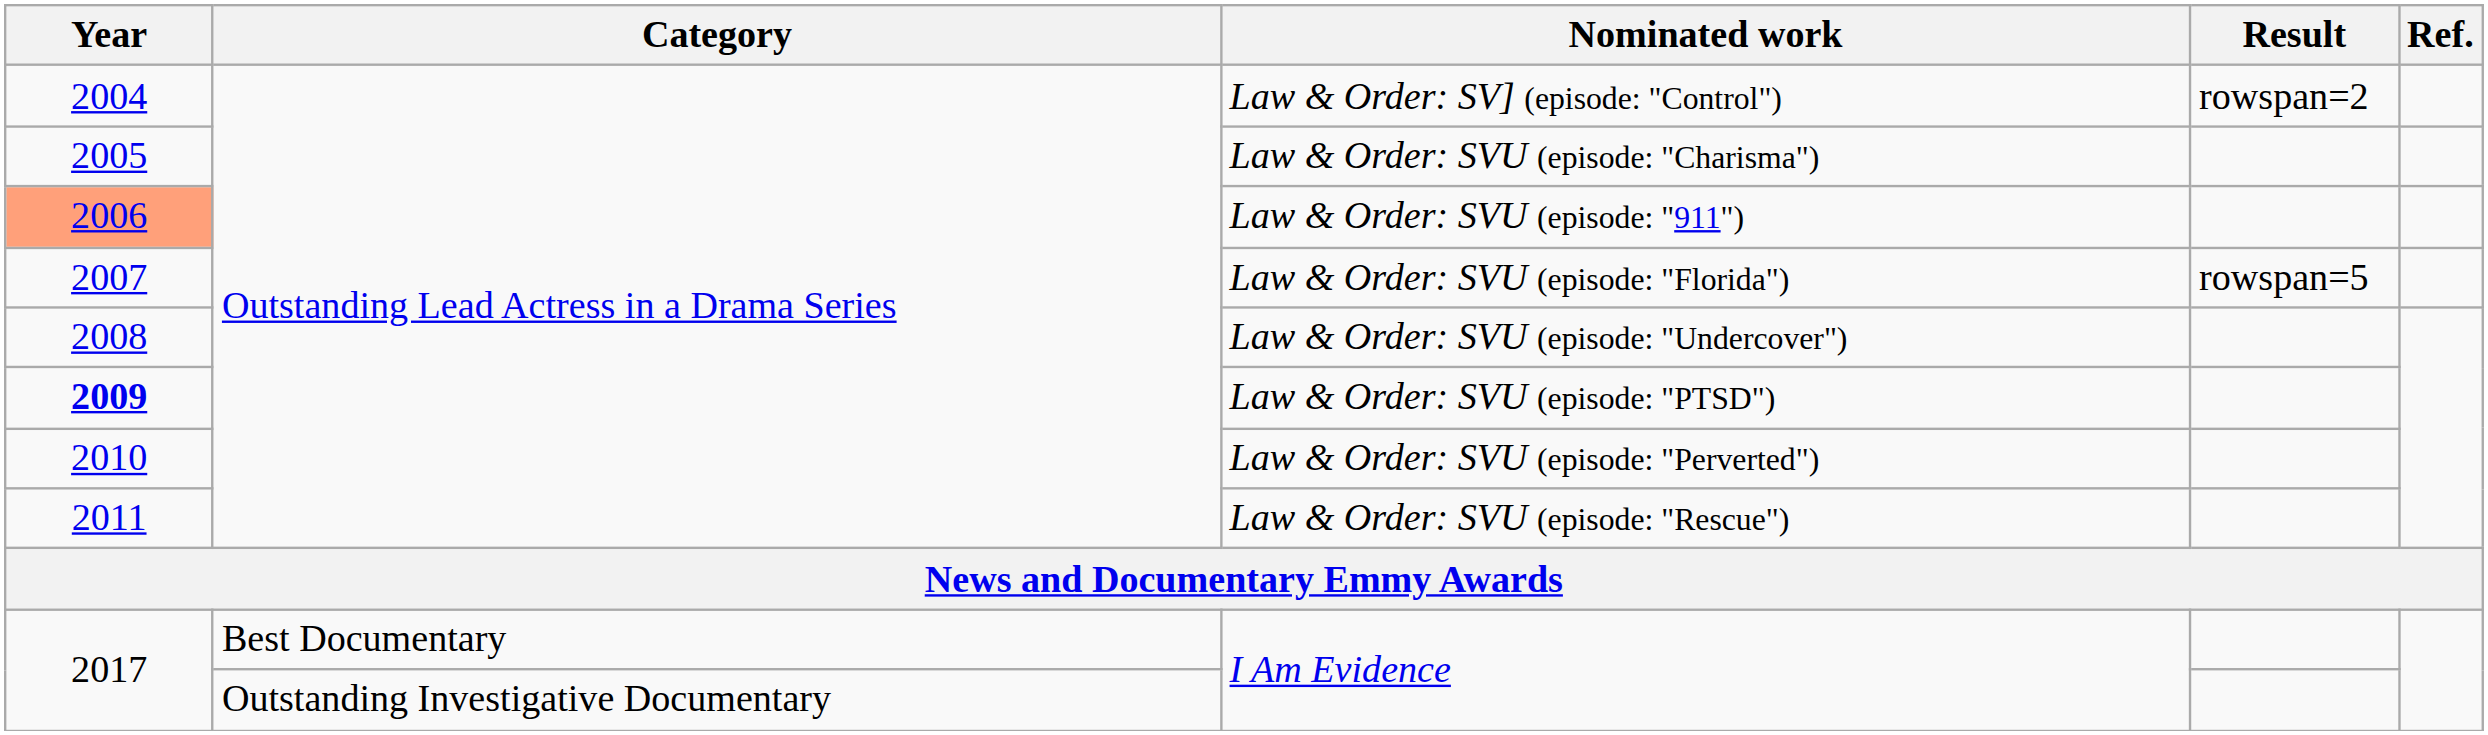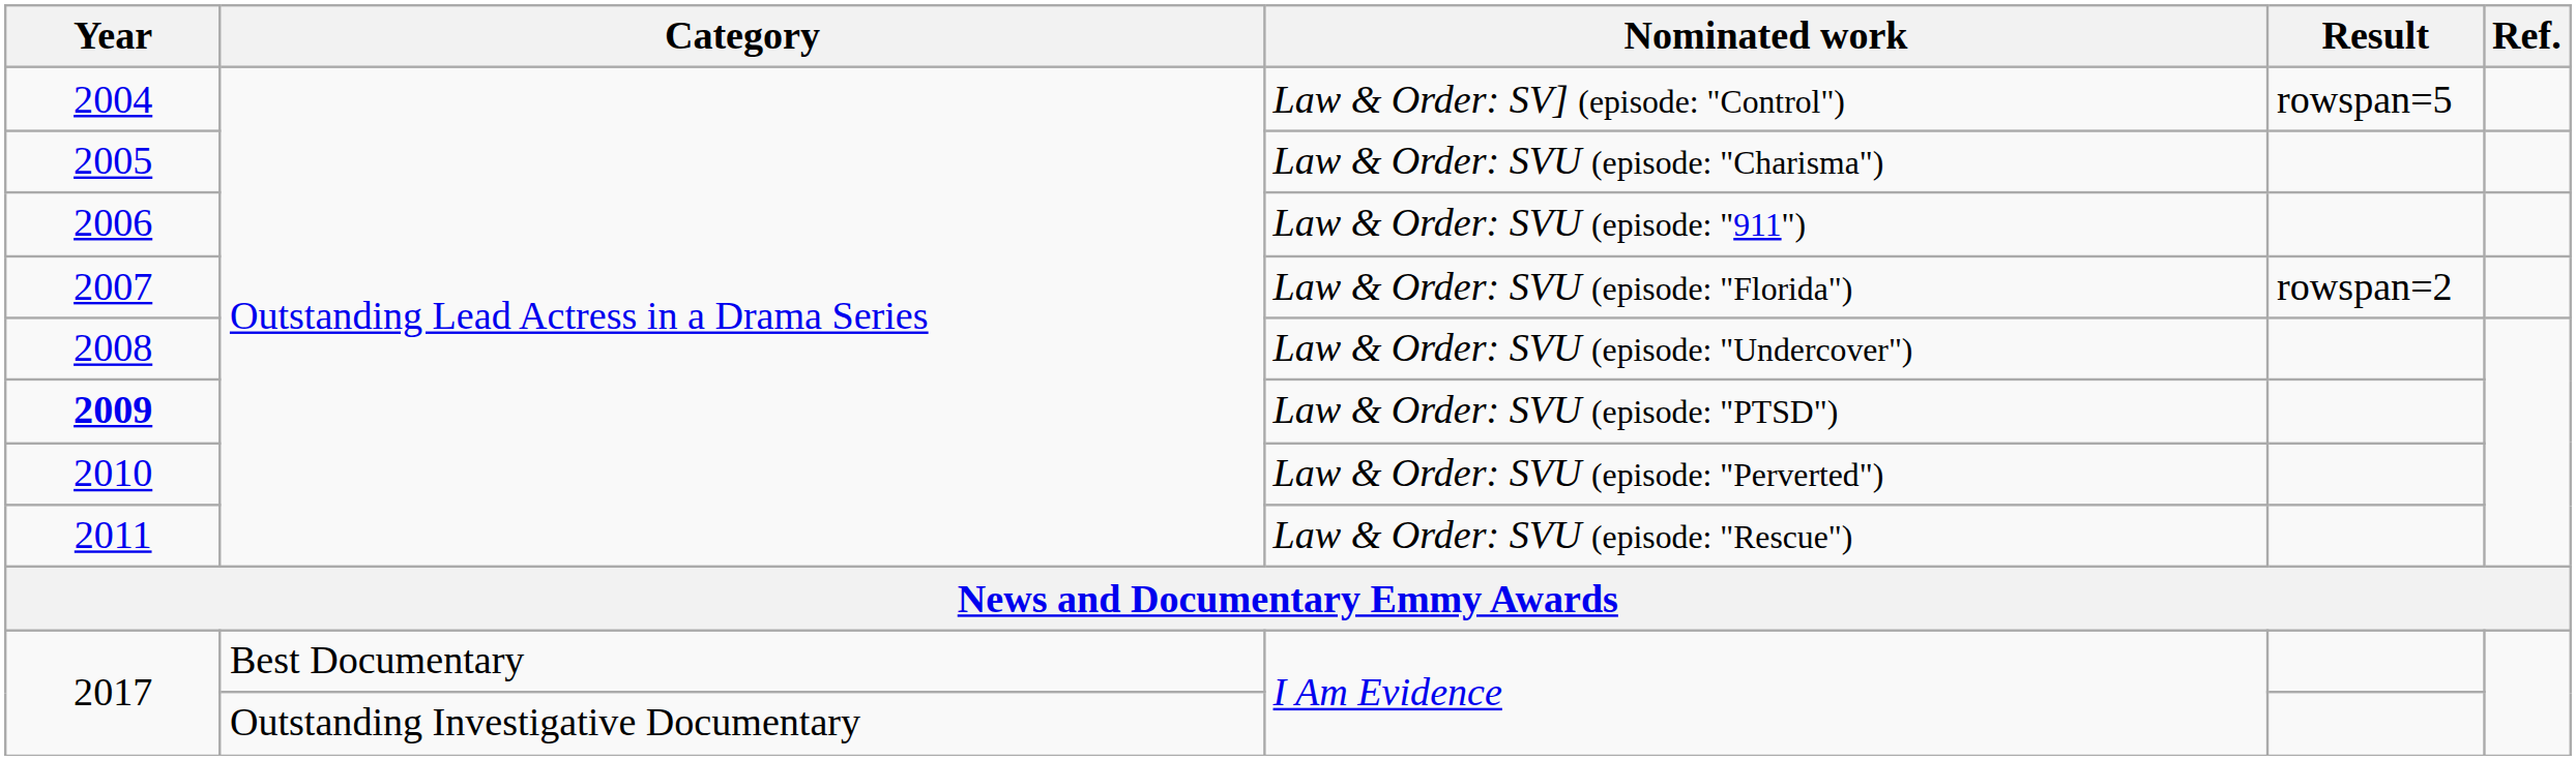 <table class=wikitable>
 <tr>
 <th scope="col" style="width:5em;">Year</th>
 <th scope="col" style="width:26em;">Category</th>
 <th scope="col" style="width:25em;">Nominated work</th>
 <th scope="col" style="width:5em;">Result</th>
 <th>Ref.</th>
 </tr>
 <tr>
 <td style="text-align:center;"><a href='#'>2004</a></td>
 <td rowspan=8><a href='#'>Outstanding Lead Actress in a Drama Series</a></td>
 <td><em>Law & Order: SV]</em> <small> (episode: "Control") </small></td>
-<td>rowspan=2 </td>
+<td>rowspan=5 </td>
 <td style="text-align:center;"></td>
 </tr>
 <tr>
 <td style="text-align:center;"><a href='#'>2005</a></td>
 <td><em>Law & Order: SVU</em> <small> (episode: "Charisma") </small></td>
 <td style="text-align:center;"></td>
 </tr>
 <tr>
-<td style="background: lightsalmon; text-align:center;"><a href='#'>2006</a></td>
+<td style="text-align:center;"><a href='#'>2006</a></td>
 <td><em>Law & Order: SVU</em> <small> (episode: "<a href='#'>911</a>") </small></td>
 <td></td>
 <td style="text-align:center;"></td>
 </tr>
 <tr>
 <td style="text-align:center;"><a href='#'>2007</a></td>
 <td><em>Law & Order: SVU</em> <small> (episode: "Florida") </small></td>
-<td>rowspan=5 </td>
+<td>rowspan=2 </td>
 <td style="text-align:center;"></td>
 </tr>
 <tr>
 <td style="text-align:center;"><a href='#'>2008</a></td>
 <td><em>Law & Order: SVU</em> <small> (episode: "Undercover") </small></td>
 <td style="text-align:center;"></td>
 </tr>
 <tr>
 <td style="text-align:center;"><strong><a href='#'>2009</a></strong></td>
 <td><em>Law & Order: SVU</em> <small> (episode: "PTSD") </small></td>
 <td style="text-align:center;"></td>
 </tr>
 <tr>
 <td style="text-align:center;"><a href='#'>2010</a></td>
 <td><em>Law & Order: SVU</em> <small> (episode: "Perverted") </small></td>
 <td style="text-align:center;"></td>
 </tr>
 <tr>
 <td style="text-align:center;"><a href='#'>2011</a></td>
 <td><em>Law & Order: SVU</em> <small> (episode: "Rescue") </small></td>
 <td style="text-align:center;"></td>
 </tr>
 <tr>
 <th colspan=5><a href='#'>News and Documentary Emmy Awards</a></th>
 </tr>
 <tr>
 <td style="text-align:center;", rowspan=2>2017</td>
 <td>Best Documentary</td>
 <td rowspan=2><em><a href='#'>I Am Evidence</a></em></td>
 <td></td>
 <td style="text-align:center;", rowspan=2></td>
 </tr>
 <tr>
 <td>Outstanding Investigative Documentary</td>
 <td></td>
 </tr>
 <tr>
 </tr>
 </table>
